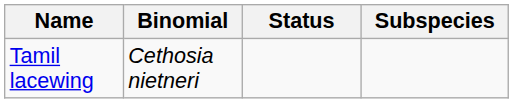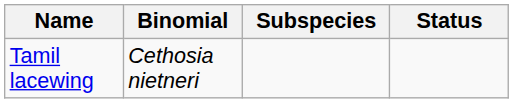 <table width=60% class="wikitable">
 <tr>
 <th width=20%>Name</th>
 <th width=20%>Binomial</th>
+<th width=20%>Subspecies</th>
 <th width=20%>Status</th>
-<th width=20%>Subspecies</th>
 </tr>
 <tr>
 <td><a href='#'>Tamil lacewing</a><br> </td>
 <td><em>Cethosia nietneri</em></td>
 <td></td>
 <td></td>
 </tr>
 </table>
